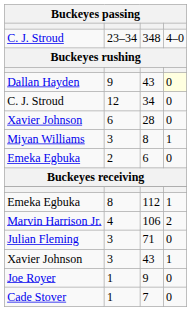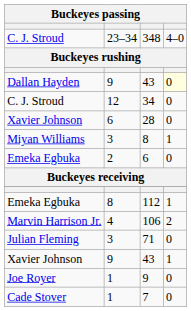 <table class="wikitable plainrowheaders">
 <tr>
 <th colspan="6">Buckeyes passing</th>
 </tr>
 <tr>
 <th scope="col"></th>
 <th scope="col"></th>
 <th scope="col"></th>
 <th scope="col"></th>
 </tr>
 <tr>
 <td><a href='#'>C. J. Stroud</a></td>
 <td>23–34</td>
 <td>348</td>
 <td>4–0</td>
 </tr>
 <tr>
 <th colspan="6">Buckeyes rushing</th>
 </tr>
 <tr>
 <th scope="col"></th>
 <th scope="col"></th>
 <th scope="col"></th>
 <th scope="col"></th>
 </tr>
 <tr>
 <td><a href='#'>Dallan Hayden</a></td>
 <td>9</td>
 <td>43</td>
 <td style="background: lightyellow;">0</td>
 </tr>
 <tr>
 <td>C. J. Stroud</td>
 <td>12</td>
 <td>34</td>
 <td>0</td>
 </tr>
 <tr>
 <td><a href='#'>Xavier Johnson</a></td>
 <td>6</td>
 <td>28</td>
 <td>0</td>
 </tr>
 <tr>
 <td><a href='#'>Miyan Williams</a></td>
 <td>3</td>
 <td>8</td>
 <td>1</td>
 </tr>
 <tr>
 <td><a href='#'>Emeka Egbuka</a></td>
 <td>2</td>
 <td>6</td>
 <td>0</td>
 </tr>
 <tr>
 <th colspan="6">Buckeyes receiving</th>
 </tr>
 <tr>
 </tr>
 <tr>
 <th scope="col"></th>
 <th scope="col"></th>
 <th scope="col"></th>
 <th scope="col"></th>
 </tr>
 <tr>
 <td>Emeka Egbuka</td>
 <td>8</td>
 <td>112</td>
 <td>1</td>
 </tr>
 <tr>
 <td><a href='#'>Marvin Harrison Jr.</a></td>
 <td>4</td>
 <td>106</td>
 <td>2</td>
 </tr>
 <tr>
 <td><a href='#'>Julian Fleming</a></td>
 <td>3</td>
 <td>71</td>
 <td>0</td>
 </tr>
 <tr>
 <td>Xavier Johnson</td>
-<td>3</td>
+<td>9</td>
 <td>43</td>
 <td>1</td>
 </tr>
 <tr>
 <td><a href='#'>Joe Royer</a></td>
 <td>1</td>
 <td>9</td>
 <td>0</td>
 </tr>
 <tr>
 <td><a href='#'>Cade Stover</a></td>
 <td>1</td>
 <td>7</td>
 <td>0</td>
 </tr>
 </table>
